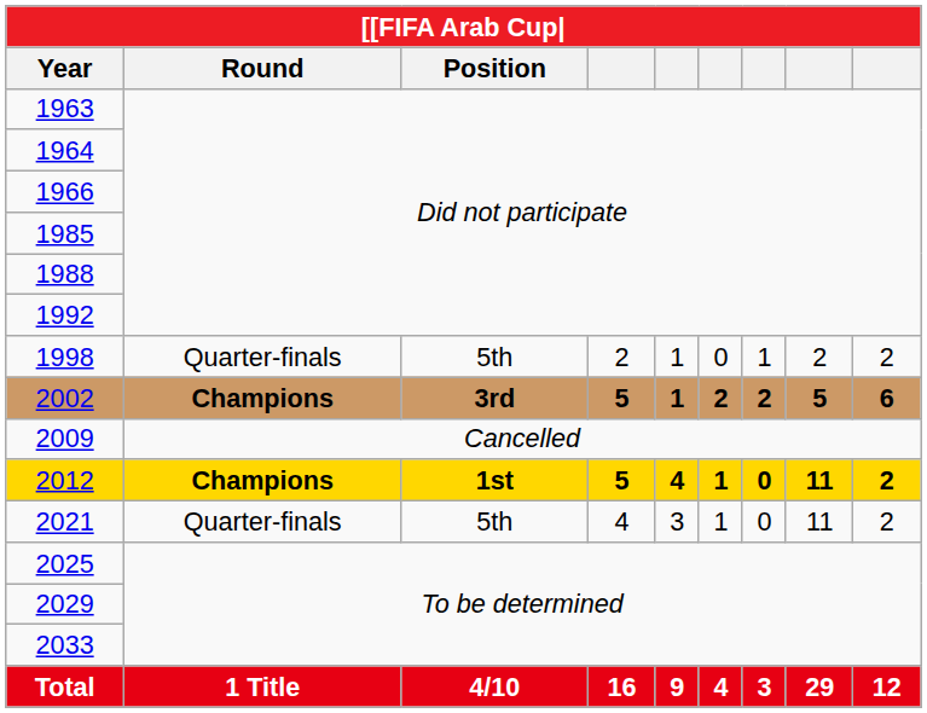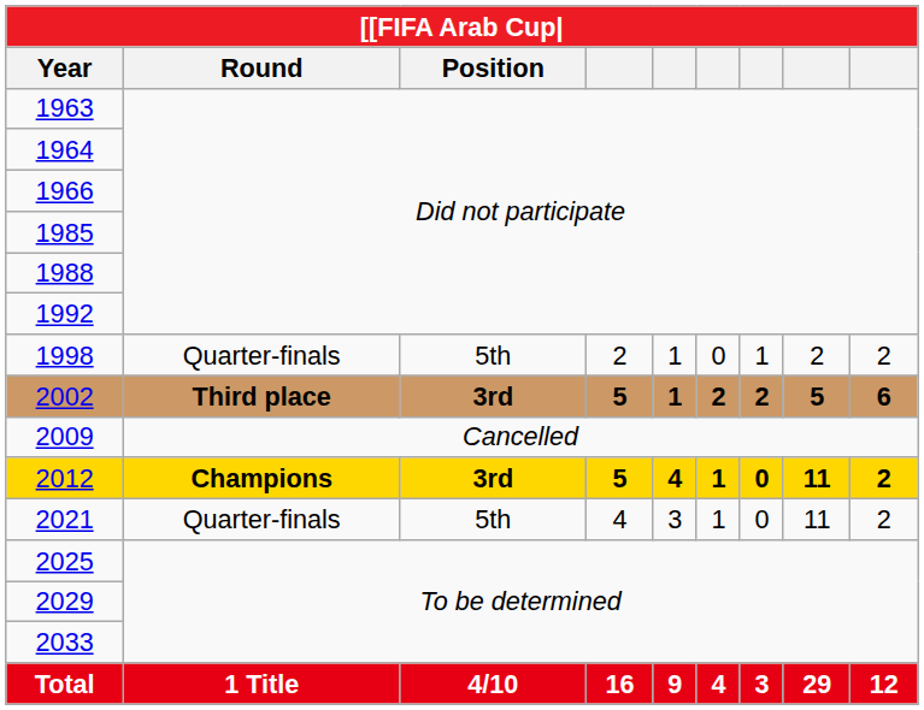 <table class="wikitable" class="wikitable" style="font-size:90%; text-align:center; width:40%">
 <tr>
 <th colspan="9" style="background:#ED1C24; color:white; ">[[FIFA Arab Cup|</th>
 </tr>
 <tr>
 <th>Year</th>
 <th>Round</th>
 <th>Position</th>
 <th></th>
 <th></th>
 <th></th>
 <th></th>
 <th></th>
 <th></th>
 </tr>
 <tr>
 <td> <a href='#'>1963</a></td>
 <td colspan=8 rowspan=6><em>Did not participate</em></td>
 </tr>
 <tr>
 <td> <a href='#'>1964</a></td>
 </tr>
 <tr>
 <td> <a href='#'>1966</a></td>
 </tr>
 <tr>
 <td> <a href='#'>1985</a></td>
 </tr>
 <tr>
 <td> <a href='#'>1988</a></td>
 </tr>
 <tr>
 <td> <a href='#'>1992</a></td>
 </tr>
 <tr>
 <td> <a href='#'>1998</a></td>
 <td>Quarter-finals</td>
 <td>5th</td>
 <td>2</td>
 <td>1</td>
 <td>0</td>
 <td>1</td>
 <td>2</td>
 <td>2</td>
 </tr>
 <tr style="background:#c96;">
 <td> <a href='#'>2002</a></td>
-<td><strong>Champions</strong></td>
+<td><strong>Third place</strong></td>
 <td><strong>3rd</strong></td>
 <td><strong>5</strong></td>
 <td><strong>1</strong></td>
 <td><strong>2</strong></td>
 <td><strong>2</strong></td>
 <td><strong>5</strong></td>
 <td><strong>6</strong></td>
 </tr>
 <tr>
 <td> <a href='#'>2009</a></td>
 <td colspan=8><em>Cancelled</em></td>
 </tr>
 <tr style="background:Gold;">
 <td> <a href='#'>2012</a></td>
 <td><strong>Champions</strong></td>
-<td><strong>1st</strong></td>
+<td><strong>3rd</strong></td>
 <td><strong>5</strong></td>
 <td><strong>4</strong></td>
 <td><strong>1</strong></td>
 <td><strong>0</strong></td>
 <td><strong>11</strong></td>
 <td><strong>2</strong></td>
 </tr>
 <tr>
 <td> <a href='#'>2021</a></td>
 <td>Quarter-finals</td>
 <td>5th</td>
 <td>4</td>
 <td>3</td>
 <td>1</td>
 <td>0</td>
 <td>11</td>
 <td>2</td>
 </tr>
 <tr>
 <td> <a href='#'>2025</a></td>
 <td colspan=8 rowspan=3><em>To be determined</em></td>
 </tr>
 <tr>
 <td> <a href='#'>2029</a></td>
 </tr>
 <tr>
 <td> <a href='#'>2033</a></td>
 </tr>
 <tr>
 <th style="background:#E70013; color:white;">Total</th>
 <th style="background:#E70013; color:white;">1 Title</th>
 <th style="background:#E70013; color:white;">4/10</th>
 <th style="background:#E70013; color:white;">16</th>
 <th style="background:#E70013; color:white;">9</th>
 <th style="background:#E70013; color:white;">4</th>
 <th style="background:#E70013; color:white;">3</th>
 <th style="background:#E70013; color:white;">29</th>
 <th style="background:#E70013; color:white;">12</th>
 </tr>
 </table>
